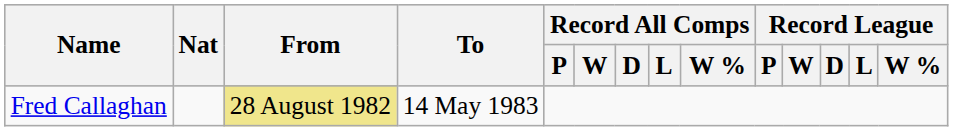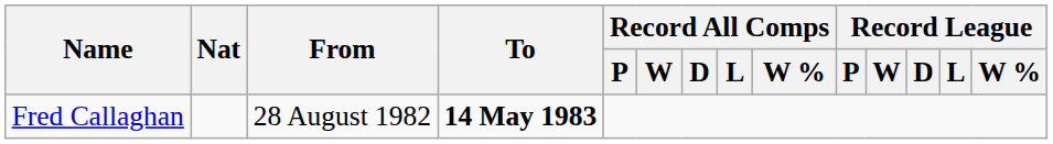 <table style="text-align: center" class="wikitable">
 <tr>
 <th rowspan="2">Name</th>
 <th rowspan="2">Nat</th>
 <th rowspan="2">From</th>
 <th rowspan="2">To</th>
 <th colspan="5">Record All Comps</th>
 <th colspan="5">Record League</th>
 </tr>
 <tr>
 <th>P</th>
 <th>W</th>
 <th>D</th>
 <th>L</th>
 <th>W %</th>
 <th>P</th>
 <th>W</th>
 <th>D</th>
 <th>L</th>
 <th>W %</th>
 </tr>
 <tr>
 <td style="text-align:left;"><a href='#'>Fred Callaghan</a></td>
 <td></td>
-<td style="background: khaki; text-align:left;">28 August 1982</td>
-<td style="text-align:left;">14 May 1983<br> </td>
+<td style="text-align:left;">28 August 1982</td>
+<td style="text-align:left;"><strong>14 May 1983<br> </strong></td>
 </tr>
 </table>
